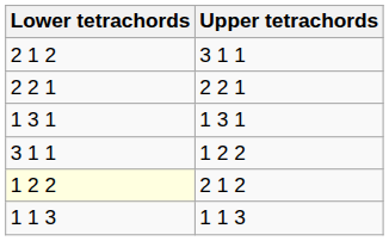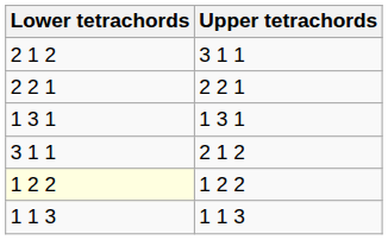 <table class="wikitable" style="margin-left: 4em;">
 <tr>
 <th>Lower tetrachords</th>
 <th>Upper tetrachords</th>
 </tr>
 <tr>
 <td>2 1 2</td>
 <td>3 1 1</td>
 </tr>
 <tr>
 <td>2 2 1</td>
 <td>2 2 1</td>
 </tr>
 <tr>
 <td>1 3 1</td>
 <td>1 3 1</td>
 </tr>
 <tr>
 <td>3 1 1</td>
-<td>1 2 2</td>
+<td>2 1 2</td>
 </tr>
 <tr>
 <td style="background: lightyellow;">1 2 2</td>
-<td>2 1 2</td>
+<td>1 2 2</td>
 </tr>
 <tr>
 <td>1 1 3</td>
 <td>1 1 3</td>
 </tr>
 </table>
